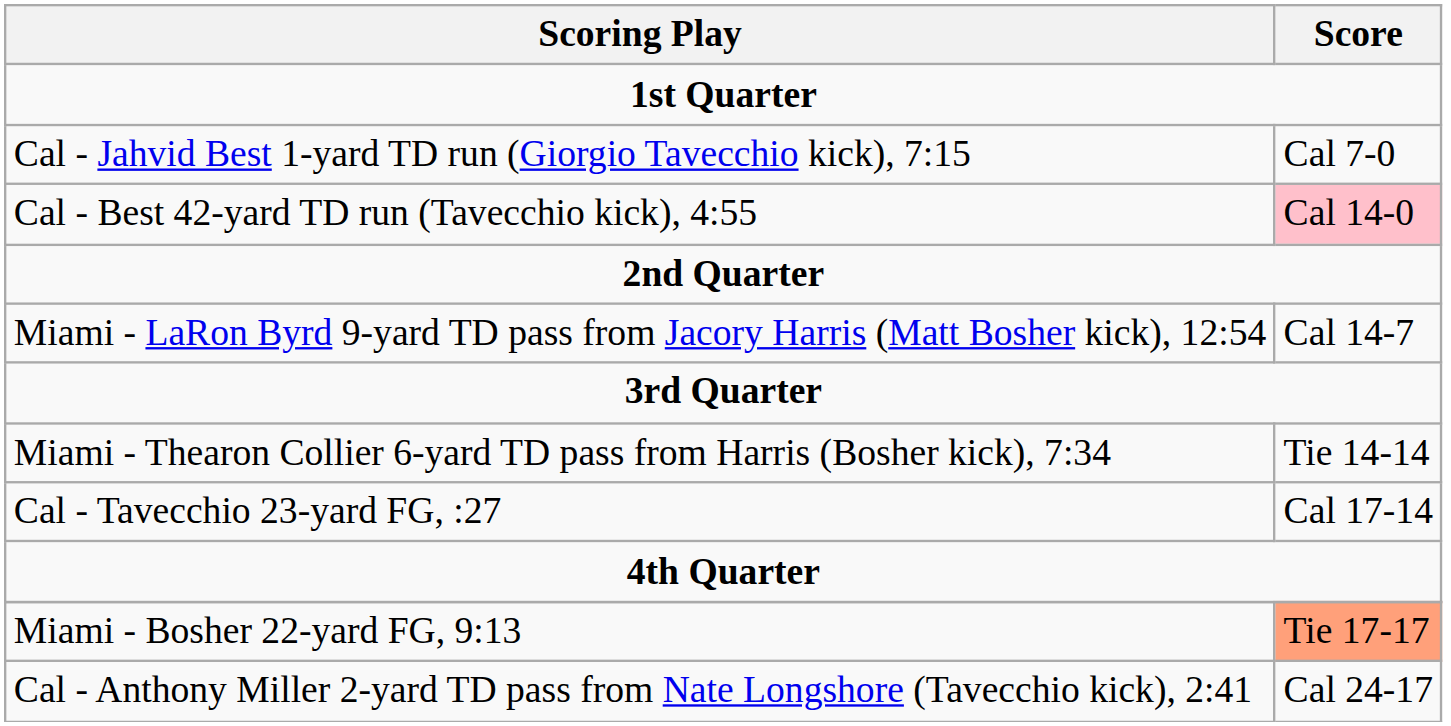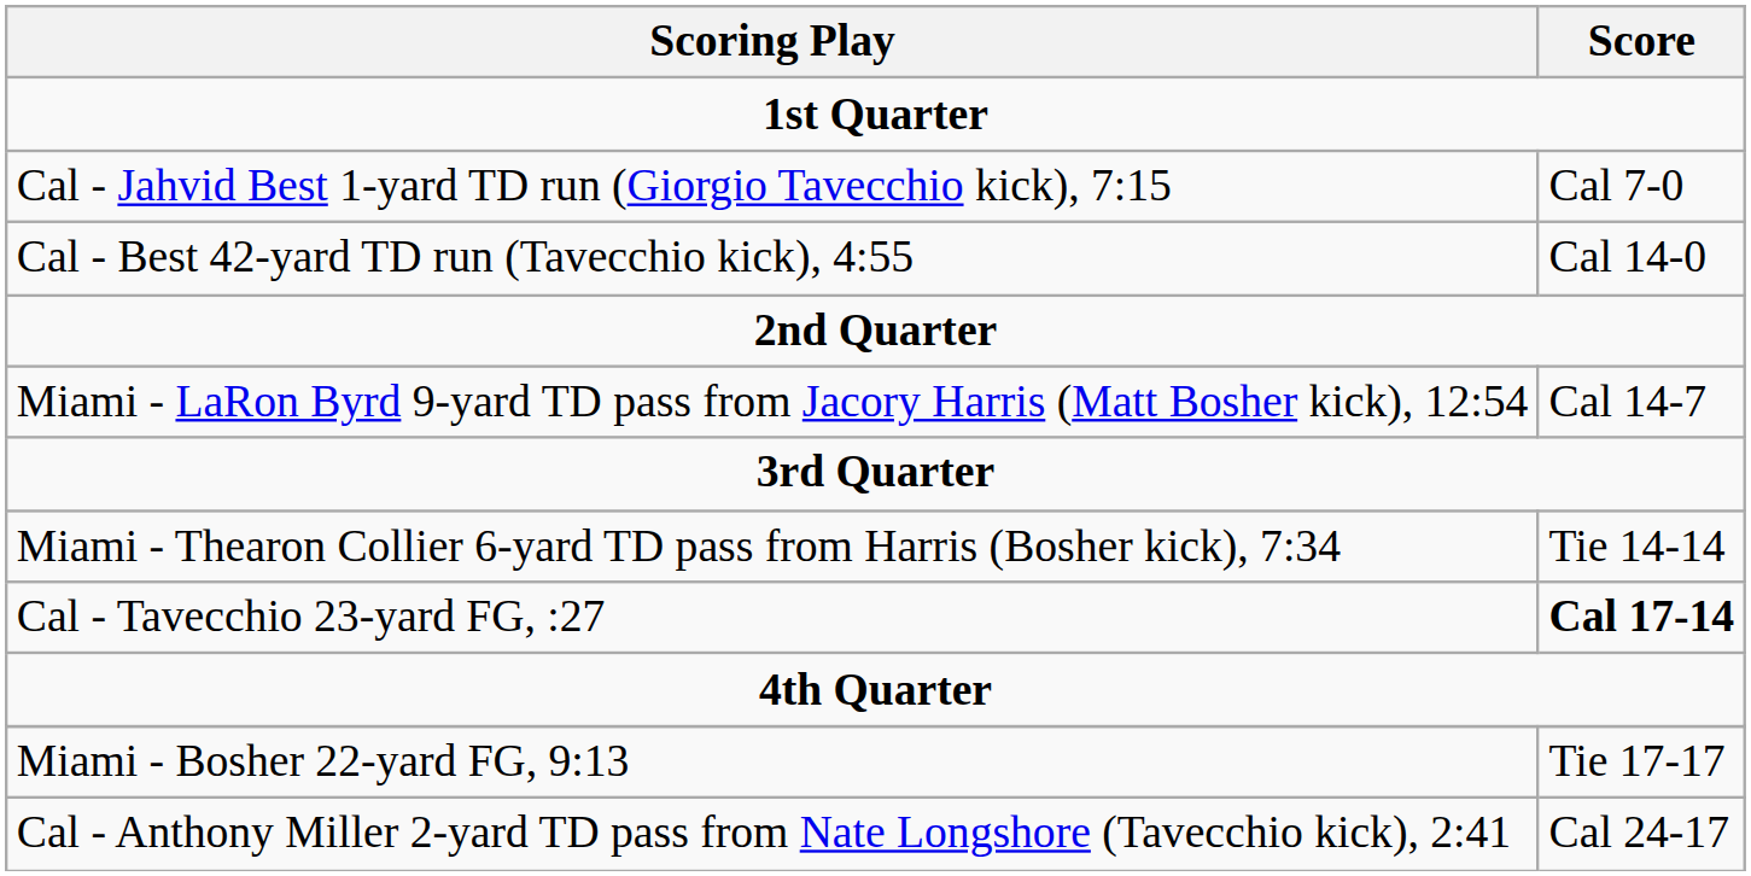 <table class="wikitable">
 <tr>
 <th>Scoring Play</th>
 <th>Score</th>
 </tr>
 <tr>
 <td colspan="4" align="center"><strong>1st Quarter</strong></td>
 </tr>
 <tr>
 <td>Cal - <a href='#'>Jahvid Best</a> 1-yard TD run (<a href='#'>Giorgio Tavecchio</a> kick), 7:15</td>
 <td>Cal 7-0</td>
 </tr>
 <tr>
 <td>Cal - Best 42-yard TD run (Tavecchio kick), 4:55</td>
-<td style="background: pink;">Cal 14-0</td>
+<td>Cal 14-0</td>
 </tr>
 <tr>
 <td colspan="4" align="center"><strong>2nd Quarter</strong></td>
 </tr>
 <tr>
 <td>Miami - <a href='#'>LaRon Byrd</a> 9-yard TD pass from <a href='#'>Jacory Harris</a> (<a href='#'>Matt Bosher</a> kick), 12:54</td>
 <td>Cal 14-7</td>
 </tr>
 <tr>
 <td colspan="4" align="center"><strong>3rd Quarter</strong></td>
 </tr>
 <tr>
 <td>Miami - Thearon Collier 6-yard TD pass from Harris (Bosher kick), 7:34</td>
 <td>Tie 14-14</td>
 </tr>
 <tr>
 <td>Cal - Tavecchio 23-yard FG, :27</td>
-<td>Cal 17-14</td>
+<td><strong>Cal 17-14</strong></td>
 </tr>
 <tr>
 <td colspan="4" align="center"><strong>4th Quarter</strong></td>
 </tr>
 <tr>
 </tr>
 <tr>
 <td>Miami - Bosher 22-yard FG, 9:13</td>
-<td style="background: lightsalmon;">Tie 17-17</td>
+<td>Tie 17-17</td>
 </tr>
 <tr>
 <td>Cal - Anthony Miller 2-yard TD pass from <a href='#'>Nate Longshore</a> (Tavecchio kick), 2:41</td>
 <td>Cal 24-17</td>
 </tr>
 </table>
